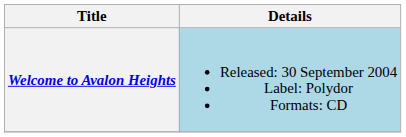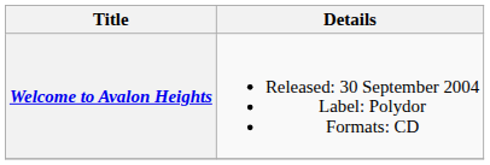 <table class="wikitable plainrowheaders" style="text-align:center;">
 <tr>
 <th scope="col">Title</th>
 <th scope="col">Details</th>
 </tr>
 <tr>
 <th scope="row"><em><a href='#'>Welcome to Avalon Heights</a></em></th>
-<td style="background: lightblue;"><br><ul><li>Released: 30 September 2004</li><li>Label: Polydor</li><li>Formats: CD</li></ul></td>
+<td><br><ul><li>Released: 30 September 2004</li><li>Label: Polydor</li><li>Formats: CD</li></ul></td>
 </tr>
 <tr>
 </tr>
 </table>
